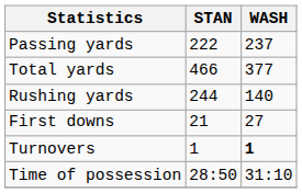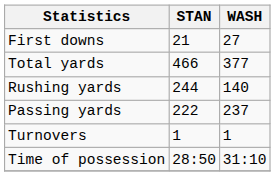 <table class="wikitable" style="float: left;">
 <tr>
 <th>Statistics</th>
 <th>STAN</th>
 <th>WASH</th>
 </tr>
 <tr>
-<td>Passing yards</td>
-<td>222</td>
-<td>237</td>
+<td>First downs</td>
+<td>21</td>
+<td>27</td>
 </tr>
 <tr>
 <td>Total yards</td>
 <td>466</td>
 <td>377</td>
 </tr>
 <tr>
 <td>Rushing yards</td>
 <td>244</td>
 <td>140</td>
 </tr>
 <tr>
-<td>First downs</td>
-<td>21</td>
-<td>27</td>
+<td>Passing yards</td>
+<td>222</td>
+<td>237</td>
 </tr>
 <tr>
 <td>Turnovers</td>
 <td>1</td>
-<td><strong>1</strong></td>
+<td>1</td>
 </tr>
 <tr>
 <td>Time of possession</td>
 <td>28:50</td>
 <td>31:10</td>
 </tr>
 <tr>
 </tr>
 </table>
